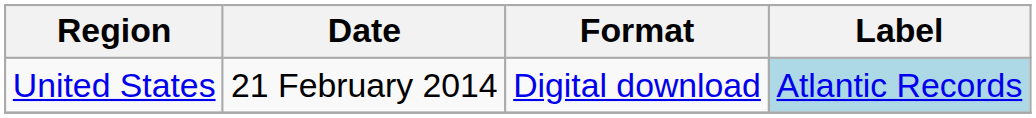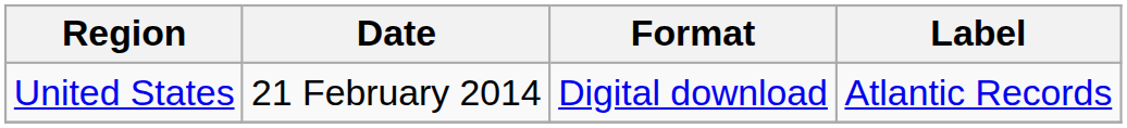 <table class=wikitable>
 <tr>
 <th>Region</th>
 <th>Date</th>
 <th>Format</th>
 <th>Label</th>
 </tr>
 <tr>
 <td><a href='#'>United States</a></td>
 <td>21 February 2014</td>
 <td><a href='#'>Digital download</a></td>
-<td style="background: lightblue;"><a href='#'>Atlantic Records</a></td>
+<td><a href='#'>Atlantic Records</a></td>
 </tr>
 <tr>
 </tr>
 </table>
